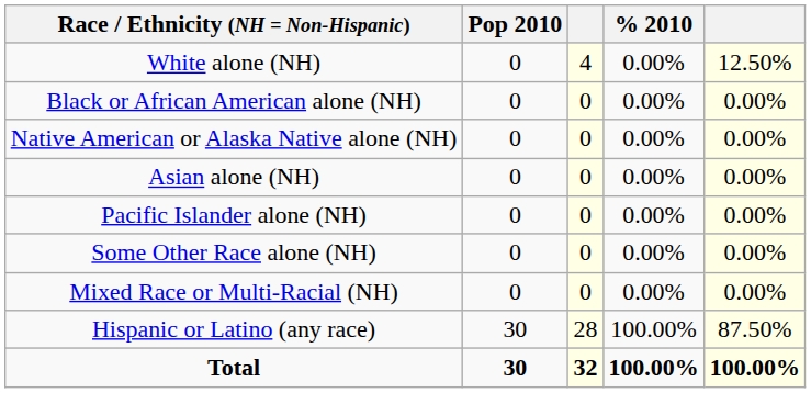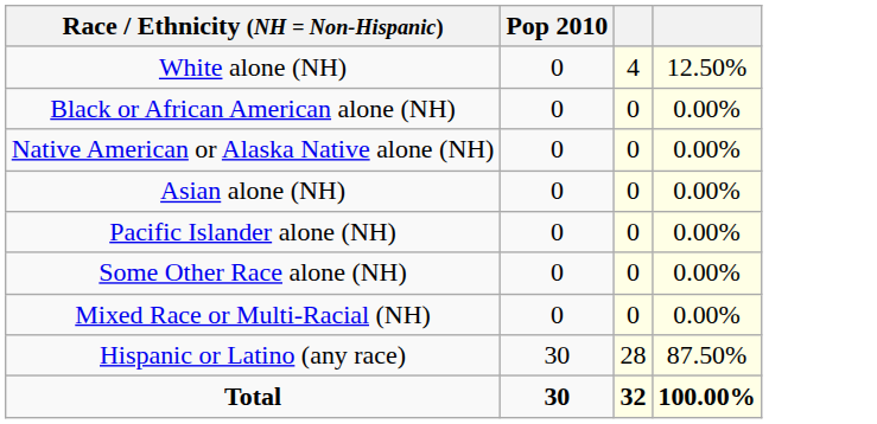 <table class="wikitable" style="text-align:center;">
 <tr>
 <th>Race / Ethnicity <small>(<em>NH = Non-Hispanic</em>)</small></th>
 <th>Pop 2010</th>
 <th></th>
-<th>% 2010</th>
 <th></th>
 </tr>
 <tr>
 <td><a href='#'>White</a> alone (NH)</td>
 <td>0</td>
 <td style='background: #ffffe6;'>4</td>
-<td>0.00%</td>
 <td style='background: #ffffe6;'>12.50%</td>
 </tr>
 <tr>
 <td><a href='#'>Black or African American</a> alone (NH)</td>
 <td>0</td>
 <td style='background: #ffffe6;'>0</td>
-<td>0.00%</td>
 <td style='background: #ffffe6;'>0.00%</td>
 </tr>
 <tr>
 <td><a href='#'>Native American</a> or <a href='#'>Alaska Native</a> alone (NH)</td>
 <td>0</td>
 <td style='background: #ffffe6;'>0</td>
-<td>0.00%</td>
 <td style='background: #ffffe6;'>0.00%</td>
 </tr>
 <tr>
 <td><a href='#'>Asian</a> alone (NH)</td>
 <td>0</td>
 <td style='background: #ffffe6;'>0</td>
-<td>0.00%</td>
 <td style='background: #ffffe6;'>0.00%</td>
 </tr>
 <tr>
 <td><a href='#'>Pacific Islander</a> alone (NH)</td>
 <td>0</td>
 <td style='background: #ffffe6;'>0</td>
-<td>0.00%</td>
 <td style='background: #ffffe6;'>0.00%</td>
 </tr>
 <tr>
 <td><a href='#'>Some Other Race</a> alone (NH)</td>
 <td>0</td>
 <td style='background: #ffffe6;'>0</td>
-<td>0.00%</td>
 <td style='background: #ffffe6;'>0.00%</td>
 </tr>
 <tr>
 <td><a href='#'>Mixed Race or Multi-Racial</a> (NH)</td>
 <td>0</td>
 <td style='background: #ffffe6;'>0</td>
-<td>0.00%</td>
 <td style='background: #ffffe6;'>0.00%</td>
 </tr>
 <tr>
 <td><a href='#'>Hispanic or Latino</a> (any race)</td>
 <td>30</td>
 <td style='background: #ffffe6;'>28</td>
-<td>100.00%</td>
 <td style='background: #ffffe6;'>87.50%</td>
 </tr>
 <tr>
 <td><strong>Total</strong></td>
 <td><strong>30</strong></td>
 <td style='background: #ffffe6;'><strong>32</strong></td>
-<td><strong>100.00%</strong></td>
 <td style='background: #ffffe6;'><strong>100.00%</strong></td>
 </tr>
 </table>
